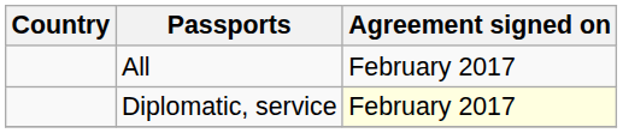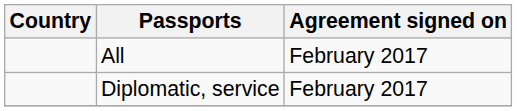 <table class="wikitable">
 <tr>
 <th>Country</th>
 <th>Passports</th>
 <th>Agreement signed on</th>
 </tr>
 <tr>
 <td></td>
 <td>All</td>
 <td>February 2017</td>
 </tr>
 <tr>
 <td></td>
 <td>Diplomatic, service</td>
-<td style="background: lightyellow;">February 2017</td>
+<td>February 2017</td>
 </tr>
 <tr>
 </tr>
 </table>
